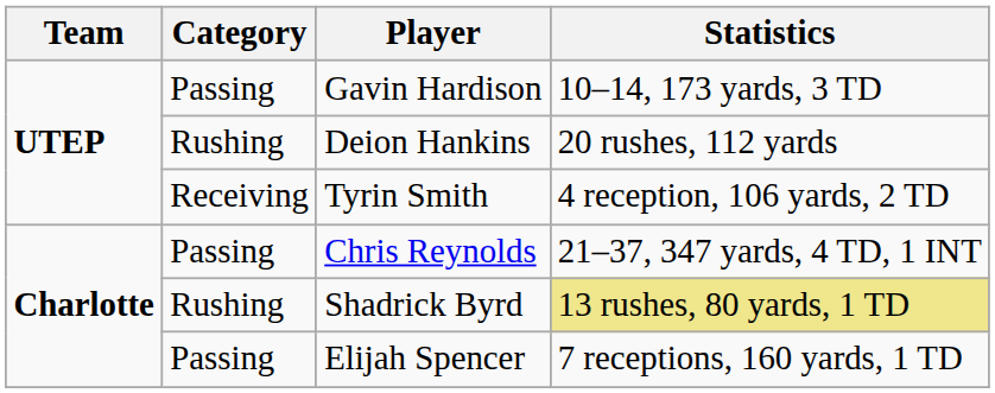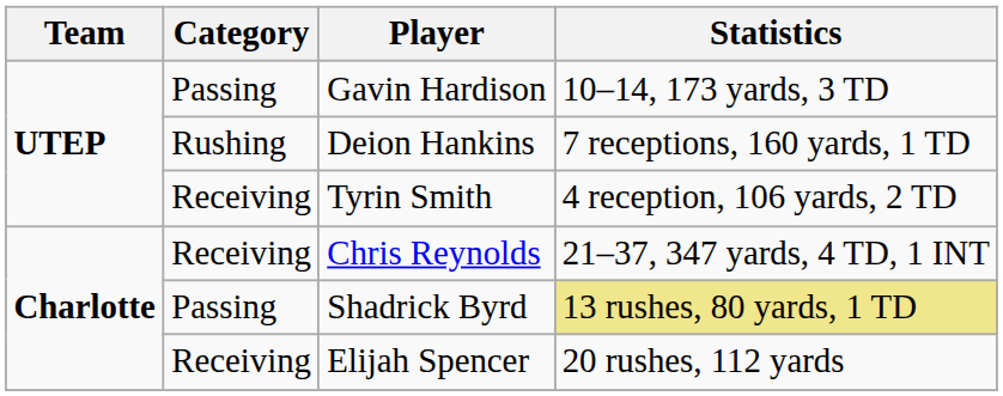 <table class="wikitable" style="float: left;">
 <tr>
 <th>Team</th>
 <th>Category</th>
 <th>Player</th>
 <th>Statistics</th>
 </tr>
 <tr>
 <td rowspan=3><strong>UTEP</strong></td>
 <td>Passing</td>
 <td>Gavin Hardison</td>
 <td>10–14, 173 yards, 3 TD</td>
 </tr>
 <tr>
 <td>Rushing</td>
 <td>Deion Hankins</td>
-<td>20 rushes, 112 yards</td>
+<td>7 receptions, 160 yards, 1 TD</td>
 </tr>
 <tr>
 <td>Receiving</td>
 <td>Tyrin Smith</td>
 <td>4 reception, 106 yards, 2 TD</td>
 </tr>
 <tr>
 <td rowspan=3><strong>Charlotte</strong></td>
-<td>Passing</td>
+<td>Receiving</td>
 <td><a href='#'>Chris Reynolds</a></td>
 <td>21–37, 347 yards, 4 TD, 1 INT</td>
 </tr>
 <tr>
-<td>Rushing</td>
+<td>Passing</td>
 <td>Shadrick Byrd</td>
 <td style="background: khaki;">13 rushes, 80 yards, 1 TD</td>
 </tr>
 <tr>
-<td>Passing</td>
+<td>Receiving</td>
 <td>Elijah Spencer</td>
-<td>7 receptions, 160 yards, 1 TD</td>
+<td>20 rushes, 112 yards</td>
 </tr>
 </table>
